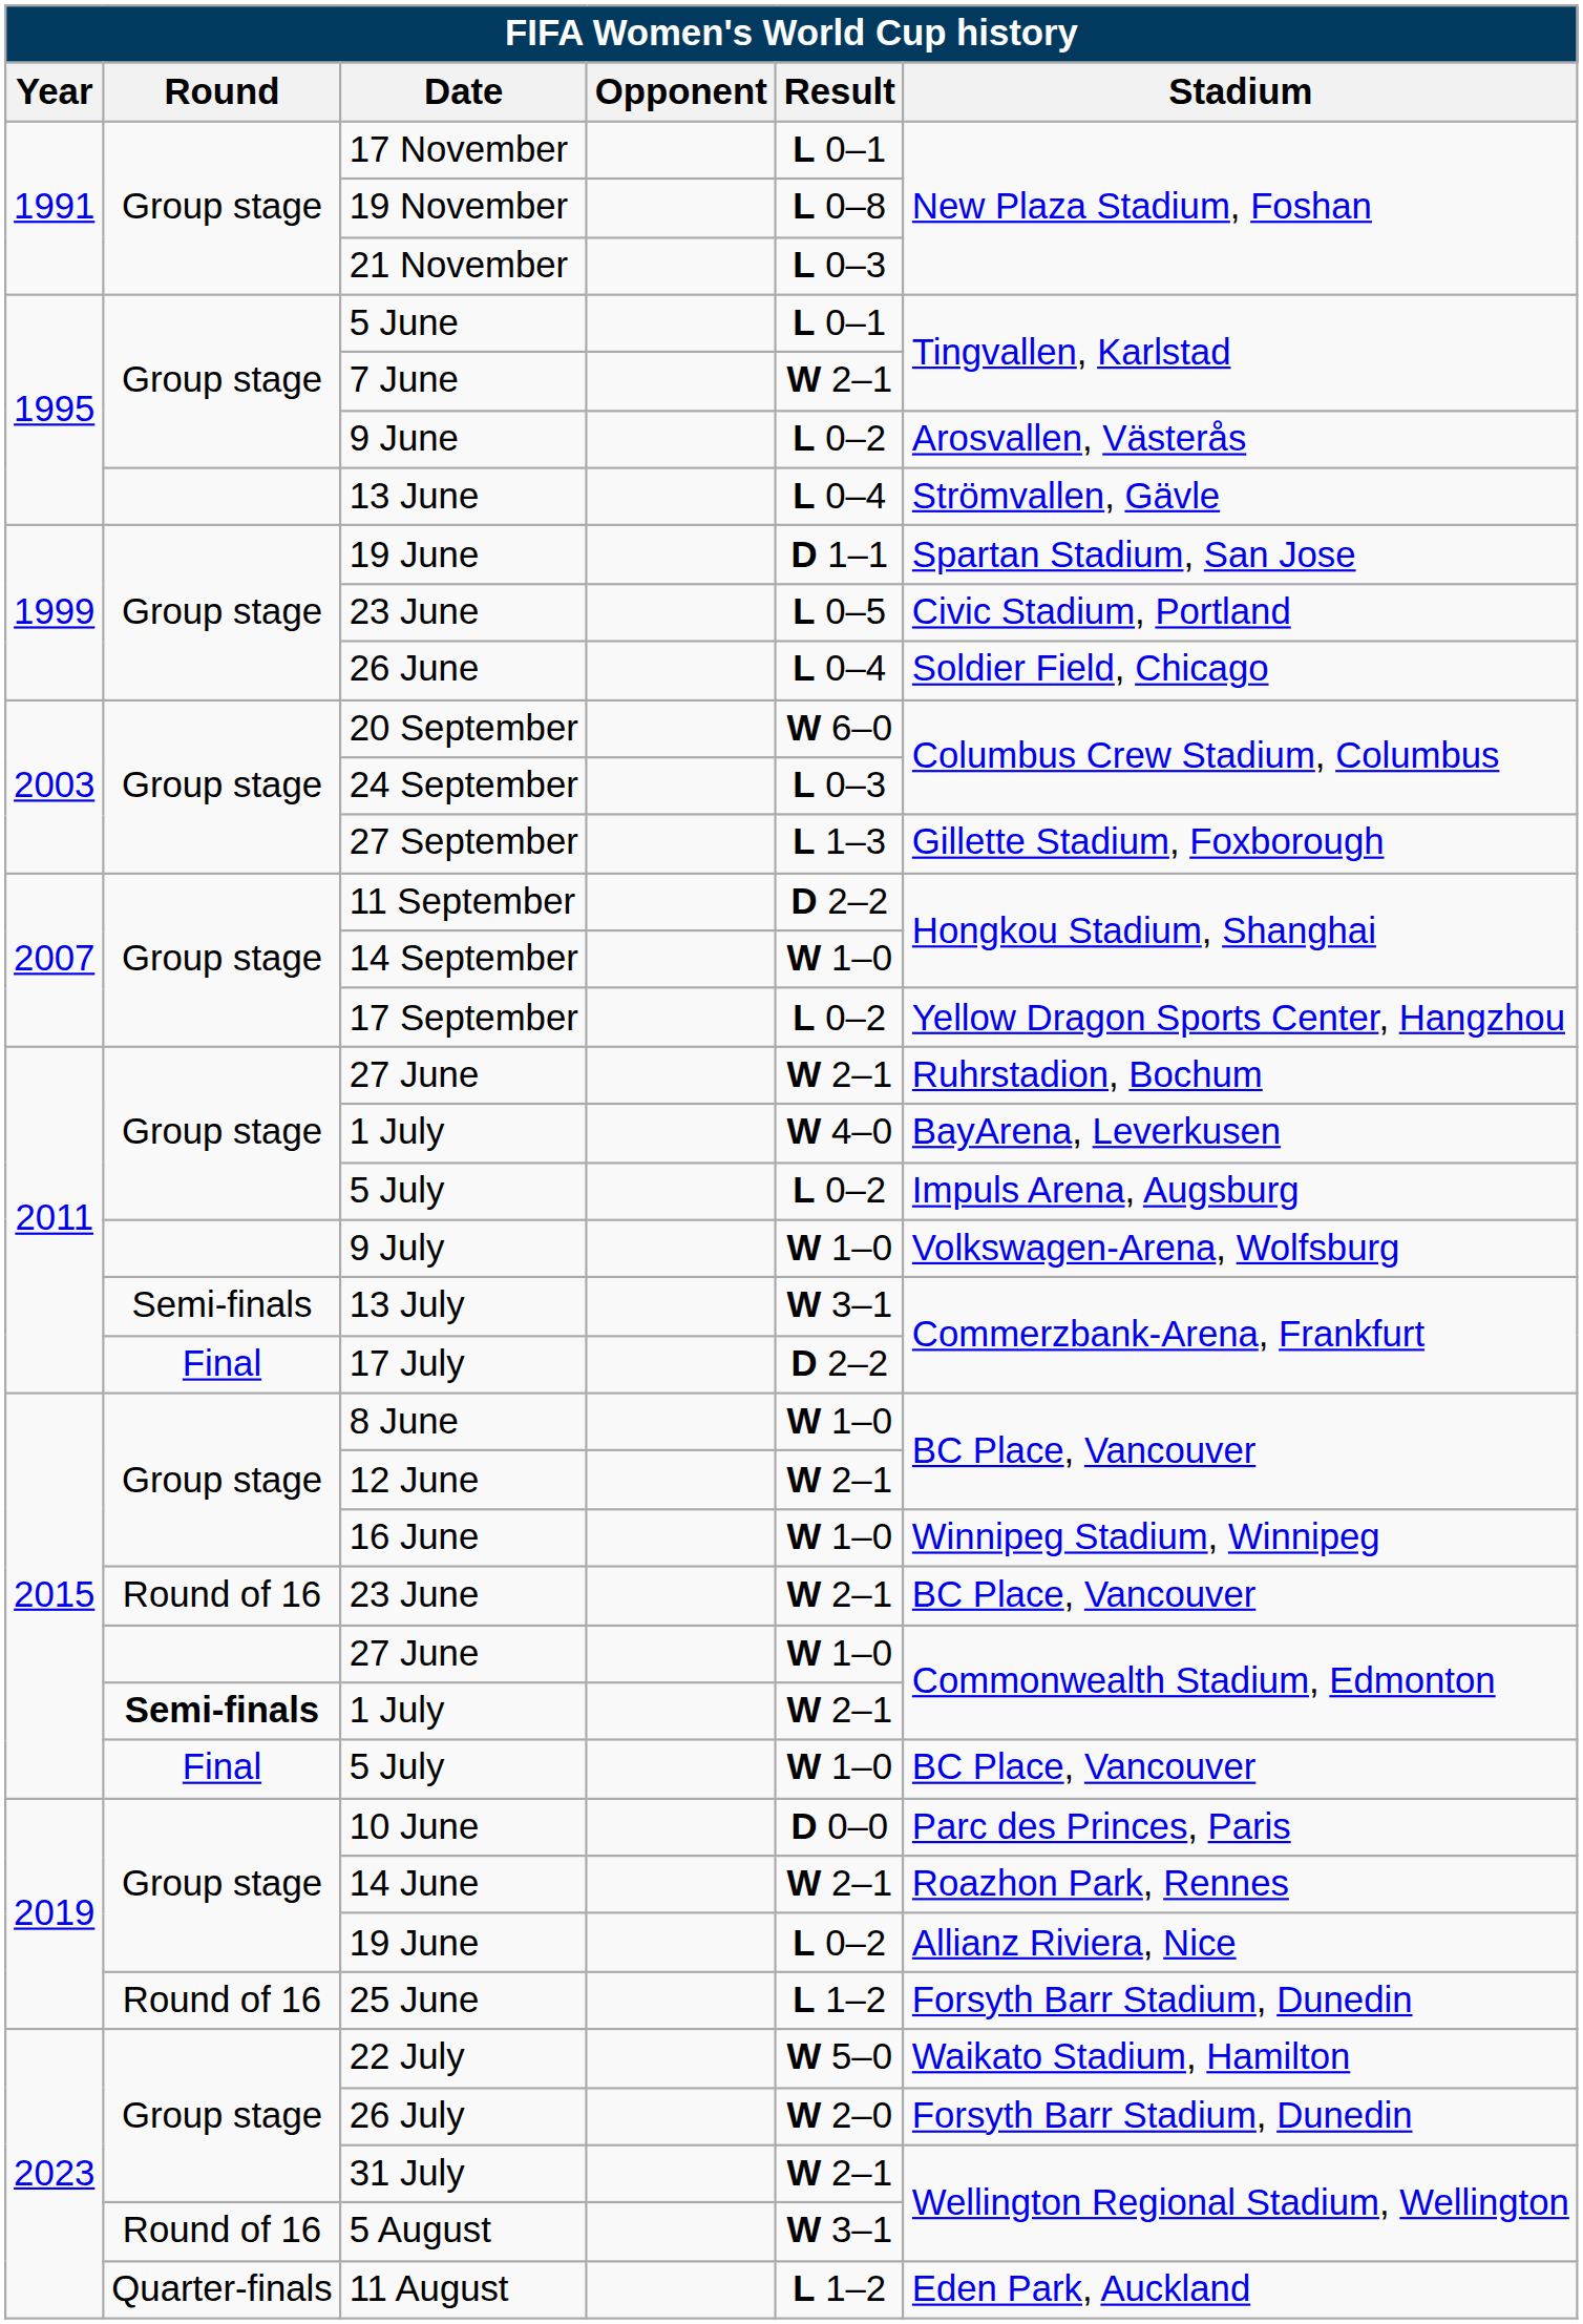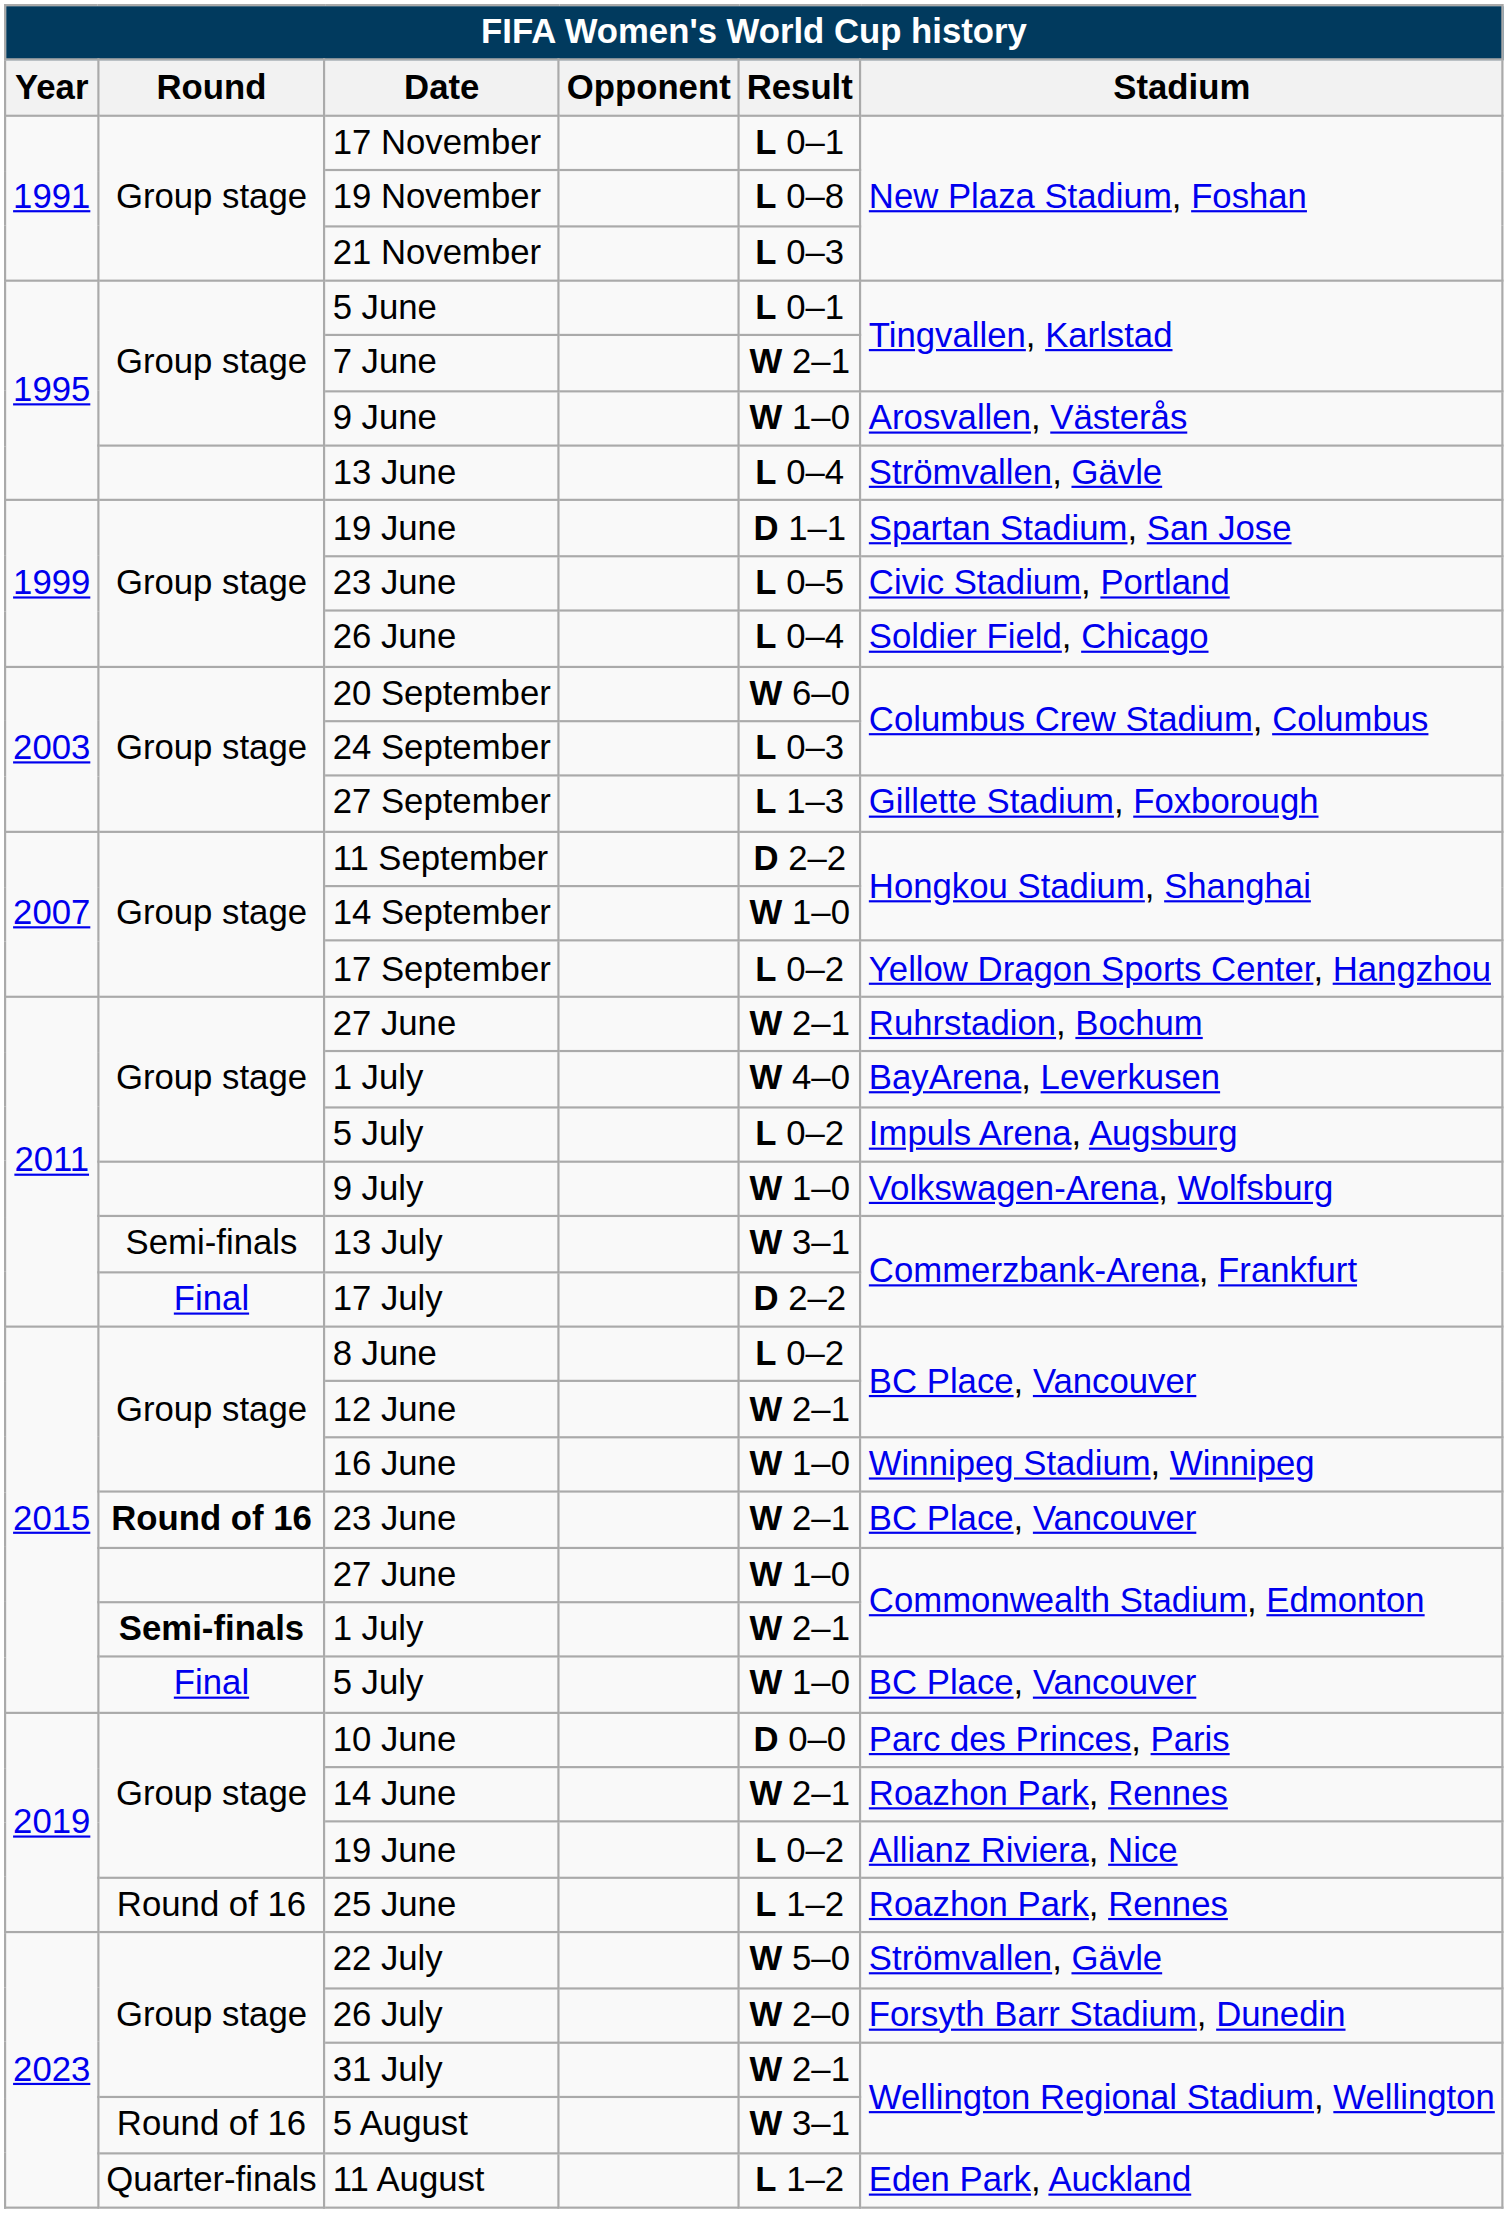 <table class="wikitable mw-collapsible" style="text-align: center;font-size:100%;">
 <tr>
 <th colspan=6 style="background: #013A5E; color: #FFFFFF;">FIFA Women's World Cup history</th>
 </tr>
 <tr>
 <th>Year</th>
 <th>Round</th>
 <th>Date</th>
 <th>Opponent</th>
 <th>Result</th>
 <th>Stadium</th>
 </tr>
 <tr>
 <td rowspan=3> <a href='#'>1991</a></td>
 <td rowspan=3>Group stage</td>
 <td align="left">17 November</td>
 <td align="left"></td>
 <td><strong>L</strong> 0–1</td>
 <td rowspan=3 align="left"><a href='#'>New Plaza Stadium</a>, <a href='#'>Foshan</a></td>
 </tr>
 <tr>
 <td align="left">19 November</td>
 <td align="left"></td>
 <td><strong>L</strong> 0–8</td>
 </tr>
 <tr>
 <td align="left">21 November</td>
 <td align="left"></td>
 <td><strong>L</strong> 0–3</td>
 </tr>
 <tr>
 <td rowspan=4> <a href='#'>1995</a></td>
 <td rowspan=3>Group stage</td>
 <td align="left">5 June</td>
 <td align="left"></td>
 <td><strong>L</strong> 0–1</td>
 <td rowspan=2 align="left"><a href='#'>Tingvallen</a>, <a href='#'>Karlstad</a></td>
 </tr>
 <tr>
 <td align="left">7 June</td>
 <td align="left"></td>
 <td><strong>W</strong> 2–1</td>
 </tr>
 <tr>
 <td align="left">9 June</td>
 <td align="left"></td>
-<td><strong>L</strong> 0–2</td>
+<td><strong>W</strong> 1–0</td>
 <td align="left"><a href='#'>Arosvallen</a>, <a href='#'>Västerås</a></td>
 </tr>
 <tr>
 <td></td>
 <td align="left">13 June</td>
 <td align="left"></td>
 <td><strong>L</strong> 0–4</td>
 <td align="left"><a href='#'>Strömvallen</a>, <a href='#'>Gävle</a></td>
 </tr>
 <tr>
 <td rowspan=3> <a href='#'>1999</a></td>
 <td rowspan=3>Group stage</td>
 <td align="left">19 June</td>
 <td align="left"></td>
 <td><strong>D</strong> 1–1</td>
 <td align="left"><a href='#'>Spartan Stadium</a>, <a href='#'>San Jose</a></td>
 </tr>
 <tr>
 <td align="left">23 June</td>
 <td align="left"></td>
 <td><strong>L</strong> 0–5</td>
 <td align="left"><a href='#'>Civic Stadium</a>, <a href='#'>Portland</a></td>
 </tr>
 <tr>
 <td align="left">26 June</td>
 <td align="left"></td>
 <td><strong>L</strong> 0–4</td>
 <td align="left"><a href='#'>Soldier Field</a>, <a href='#'>Chicago</a></td>
 </tr>
 <tr>
 <td rowspan=3> <a href='#'>2003</a></td>
 <td rowspan=3>Group stage</td>
 <td align="left">20 September</td>
 <td align="left"></td>
 <td><strong>W</strong> 6–0</td>
 <td rowspan=2 align="left"><a href='#'>Columbus Crew Stadium</a>, <a href='#'>Columbus</a></td>
 </tr>
 <tr>
 <td align="left">24 September</td>
 <td align="left"></td>
 <td><strong>L</strong> 0–3</td>
 </tr>
 <tr>
 <td align="left">27 September</td>
 <td align="left"></td>
 <td><strong>L</strong> 1–3</td>
 <td align="left"><a href='#'>Gillette Stadium</a>, <a href='#'>Foxborough</a></td>
 </tr>
 <tr>
 <td rowspan=3> <a href='#'>2007</a></td>
 <td rowspan=3>Group stage</td>
 <td align="left">11 September</td>
 <td align="left"></td>
 <td><strong>D</strong> 2–2</td>
 <td rowspan=2 align="left"><a href='#'>Hongkou Stadium</a>, <a href='#'>Shanghai</a></td>
 </tr>
 <tr>
 <td align="left">14 September</td>
 <td align="left"></td>
 <td><strong>W</strong> 1–0</td>
 </tr>
 <tr>
 <td align="left">17 September</td>
 <td align="left"></td>
 <td><strong>L</strong> 0–2</td>
 <td align="left"><a href='#'>Yellow Dragon Sports Center</a>, <a href='#'>Hangzhou</a></td>
 </tr>
 <tr>
 <td rowspan=6> <a href='#'>2011</a></td>
 <td rowspan=3>Group stage</td>
 <td align="left">27 June</td>
 <td align="left"></td>
 <td><strong>W</strong> 2–1</td>
 <td align="left"><a href='#'>Ruhrstadion</a>, <a href='#'>Bochum</a></td>
 </tr>
 <tr>
 <td align="left">1 July</td>
 <td align="left"></td>
 <td><strong>W</strong> 4–0</td>
 <td align="left"><a href='#'>BayArena</a>, <a href='#'>Leverkusen</a></td>
 </tr>
 <tr>
 <td align="left">5 July</td>
 <td align="left"></td>
 <td><strong>L</strong> 0–2</td>
 <td align="left"><a href='#'>Impuls Arena</a>, <a href='#'>Augsburg</a></td>
 </tr>
 <tr>
 <td></td>
 <td align="left">9 July</td>
 <td align="left"></td>
 <td><strong>W</strong> 1–0</td>
 <td align="left"><a href='#'>Volkswagen-Arena</a>, <a href='#'>Wolfsburg</a></td>
 </tr>
 <tr>
 <td>Semi-finals</td>
 <td align="left">13 July</td>
 <td align="left"></td>
 <td><strong>W</strong> 3–1</td>
 <td rowspan=2 align="left"><a href='#'>Commerzbank-Arena</a>, <a href='#'>Frankfurt</a></td>
 </tr>
 <tr>
 <td><a href='#'>Final</a></td>
 <td align="left">17 July</td>
 <td align="left"></td>
 <td><strong>D</strong> 2–2 </td>
 </tr>
 <tr>
 <td rowspan=7> <a href='#'>2015</a></td>
 <td rowspan=3>Group stage</td>
 <td align="left">8 June</td>
 <td align="left"></td>
-<td><strong>W</strong> 1–0</td>
+<td><strong>L</strong> 0–2</td>
 <td rowspan=2 align="left"><a href='#'>BC Place</a>, <a href='#'>Vancouver</a></td>
 </tr>
 <tr>
 <td align="left">12 June</td>
 <td align="left"></td>
 <td><strong>W</strong> 2–1</td>
 </tr>
 <tr>
 <td align="left">16 June</td>
 <td align="left"></td>
 <td><strong>W</strong> 1–0</td>
 <td align="left"><a href='#'>Winnipeg Stadium</a>, <a href='#'>Winnipeg</a></td>
 </tr>
 <tr>
-<td>Round of 16</td>
+<td><strong>Round of 16</strong></td>
 <td align="left">23 June</td>
 <td align="left"></td>
 <td><strong>W</strong> 2–1</td>
 <td align="left"><a href='#'>BC Place</a>, <a href='#'>Vancouver</a></td>
 </tr>
 <tr>
 <td></td>
 <td align="left">27 June</td>
 <td align="left"></td>
 <td><strong>W</strong> 1–0</td>
 <td rowspan=2 align="left"><a href='#'>Commonwealth Stadium</a>, <a href='#'>Edmonton</a></td>
 </tr>
 <tr>
 <td><strong>Semi-finals</strong></td>
 <td align="left">1 July</td>
 <td align="left"></td>
 <td><strong>W</strong> 2–1</td>
 </tr>
 <tr>
 <td><a href='#'>Final</a></td>
 <td align="left">5 July</td>
 <td align="left"></td>
 <td><strong>W</strong> 1–0</td>
 <td align="left"><a href='#'>BC Place</a>, <a href='#'>Vancouver</a></td>
 </tr>
 <tr>
 <td rowspan=4> <a href='#'>2019</a></td>
 <td rowspan=3>Group stage</td>
 <td align="left">10 June</td>
 <td align="left"></td>
 <td><strong>D</strong> 0–0</td>
 <td align="left"><a href='#'>Parc des Princes</a>, <a href='#'>Paris</a></td>
 </tr>
 <tr>
 <td align="left">14 June</td>
 <td align="left"></td>
 <td><strong>W</strong> 2–1</td>
 <td align="left"><a href='#'>Roazhon Park</a>, <a href='#'>Rennes</a></td>
 </tr>
 <tr>
 <td align="left">19 June</td>
 <td align="left"></td>
 <td><strong>L</strong> 0–2</td>
 <td align="left"><a href='#'>Allianz Riviera</a>, <a href='#'>Nice</a></td>
 </tr>
 <tr>
 <td>Round of 16</td>
 <td align="left">25 June</td>
 <td align="left"></td>
 <td><strong>L</strong> 1–2</td>
-<td align="left"><a href='#'>Forsyth Barr Stadium</a>, <a href='#'>Dunedin</a></td>
+<td align="left"><a href='#'>Roazhon Park</a>, <a href='#'>Rennes</a></td>
 </tr>
 <tr>
 <td rowspan=5>  <a href='#'>2023</a></td>
 <td rowspan=3>Group stage</td>
 <td align="left">22 July</td>
 <td align="left"></td>
 <td><strong>W</strong> 5–0</td>
-<td align="left"><a href='#'>Waikato Stadium</a>, <a href='#'>Hamilton</a></td>
+<td align="left"><a href='#'>Strömvallen</a>, <a href='#'>Gävle</a></td>
 </tr>
 <tr>
 <td align="left">26 July</td>
 <td align="left"></td>
 <td><strong>W</strong> 2–0</td>
 <td align="left"><a href='#'>Forsyth Barr Stadium</a>, <a href='#'>Dunedin</a></td>
 </tr>
 <tr>
 <td align="left">31 July</td>
 <td align="left"></td>
 <td><strong>W</strong> 2–1</td>
 <td rowspan=2 align="left"><a href='#'>Wellington Regional Stadium</a>, <a href='#'>Wellington</a></td>
 </tr>
 <tr>
 <td>Round of 16</td>
 <td align="left">5 August</td>
 <td align="left"></td>
 <td><strong>W</strong> 3–1</td>
 </tr>
 <tr>
 <td>Quarter-finals</td>
 <td align="left">11 August</td>
 <td align="left"></td>
 <td><strong>L</strong> 1–2</td>
 <td rowspan="2" align="left"><a href='#'>Eden Park</a>, <a href='#'>Auckland</a></td>
 </tr>
 </table>
